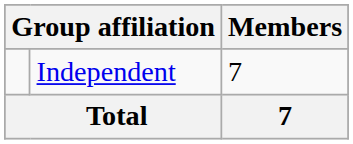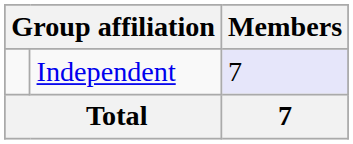 <table class="wikitable">
 <tr>
 <th colspan="2" rowspan="1" align="center" valign="top">Group affiliation</th>
 <th valign="top">Members<br></th>
 </tr>
 <tr>
 <td style="background-color:"> </td>
 <td><a href='#'>Independent</a> <br></td>
-<td>7</td>
+<td style="background: lavender;">7</td>
 </tr>
 <tr>
 <th colspan="2" rowspan="1"> Total<br></th>
 <th>7</th>
 </tr>
 </table>
